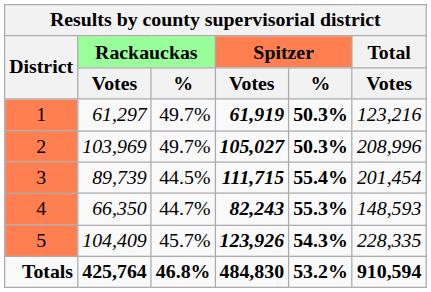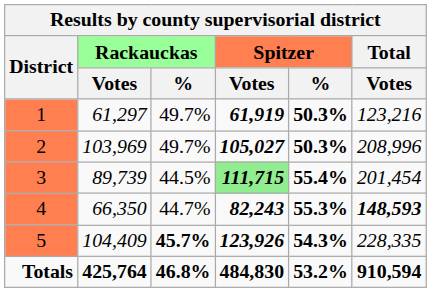 <table class="wikitable sortable" style="text-align:right">
 <tr>
 <th colspan=6>Results by county supervisorial district</th>
 </tr>
 <tr>
 <th rowspan=2>District</th>
 <th colspan=2 style=background:#9f9>Rackauckas</th>
 <th colspan=2 style=background:#ff7f50>Spitzer</th>
 <th>Total</th>
 </tr>
 <tr>
 <th>Votes</th>
 <th>%</th>
 <th>Votes</th>
 <th>%</th>
 <th data-sort-type=number>Votes</th>
 </tr>
 <tr>
 <td align=center bgcolor=#ff7f50>1</td>
 <td><em>61,297</em></td>
 <td>49.7%</td>
 <td><strong><em>61,919</em></strong></td>
 <td><strong>50.3%</strong></td>
 <td><em>123,216</em></td>
 </tr>
 <tr>
 <td align=center bgcolor=#ff7f50>2</td>
 <td><em>103,969</em></td>
 <td>49.7%</td>
 <td><strong><em>105,027</em></strong></td>
 <td><strong>50.3%</strong></td>
 <td><em>208,996</em></td>
 </tr>
 <tr>
 <td align=center bgcolor=#ff7f50>3</td>
 <td><em>89,739</em></td>
 <td>44.5%</td>
-<td><strong><em>111,715</em></strong></td>
+<td style="background: lightgreen;"><strong><em>111,715</em></strong></td>
 <td><strong>55.4%</strong></td>
 <td><em>201,454</em></td>
 </tr>
 <tr>
 <td align=center bgcolor=#ff7f50>4</td>
 <td><em>66,350</em></td>
 <td>44.7%</td>
 <td><strong><em>82,243</em></strong></td>
 <td><strong>55.3%</strong></td>
-<td><em>148,593</em></td>
+<td><strong><em>148,593</em></strong></td>
 </tr>
 <tr>
 <td align=center bgcolor=#ff7f50>5</td>
 <td><em>104,409</em></td>
-<td>45.7%</td>
+<td><strong>45.7%</strong></td>
 <td><strong><em>123,926</em></strong></td>
 <td><strong>54.3%</strong></td>
 <td><em>228,335</em></td>
 </tr>
 <tr class="sortbottom" style="text-align:right; font-weight:bold">
 <td>Totals</td>
 <td>425,764</td>
 <td>46.8%</td>
 <td>484,830</td>
 <td>53.2%</td>
 <td>910,594</td>
 </tr>
 </table>
